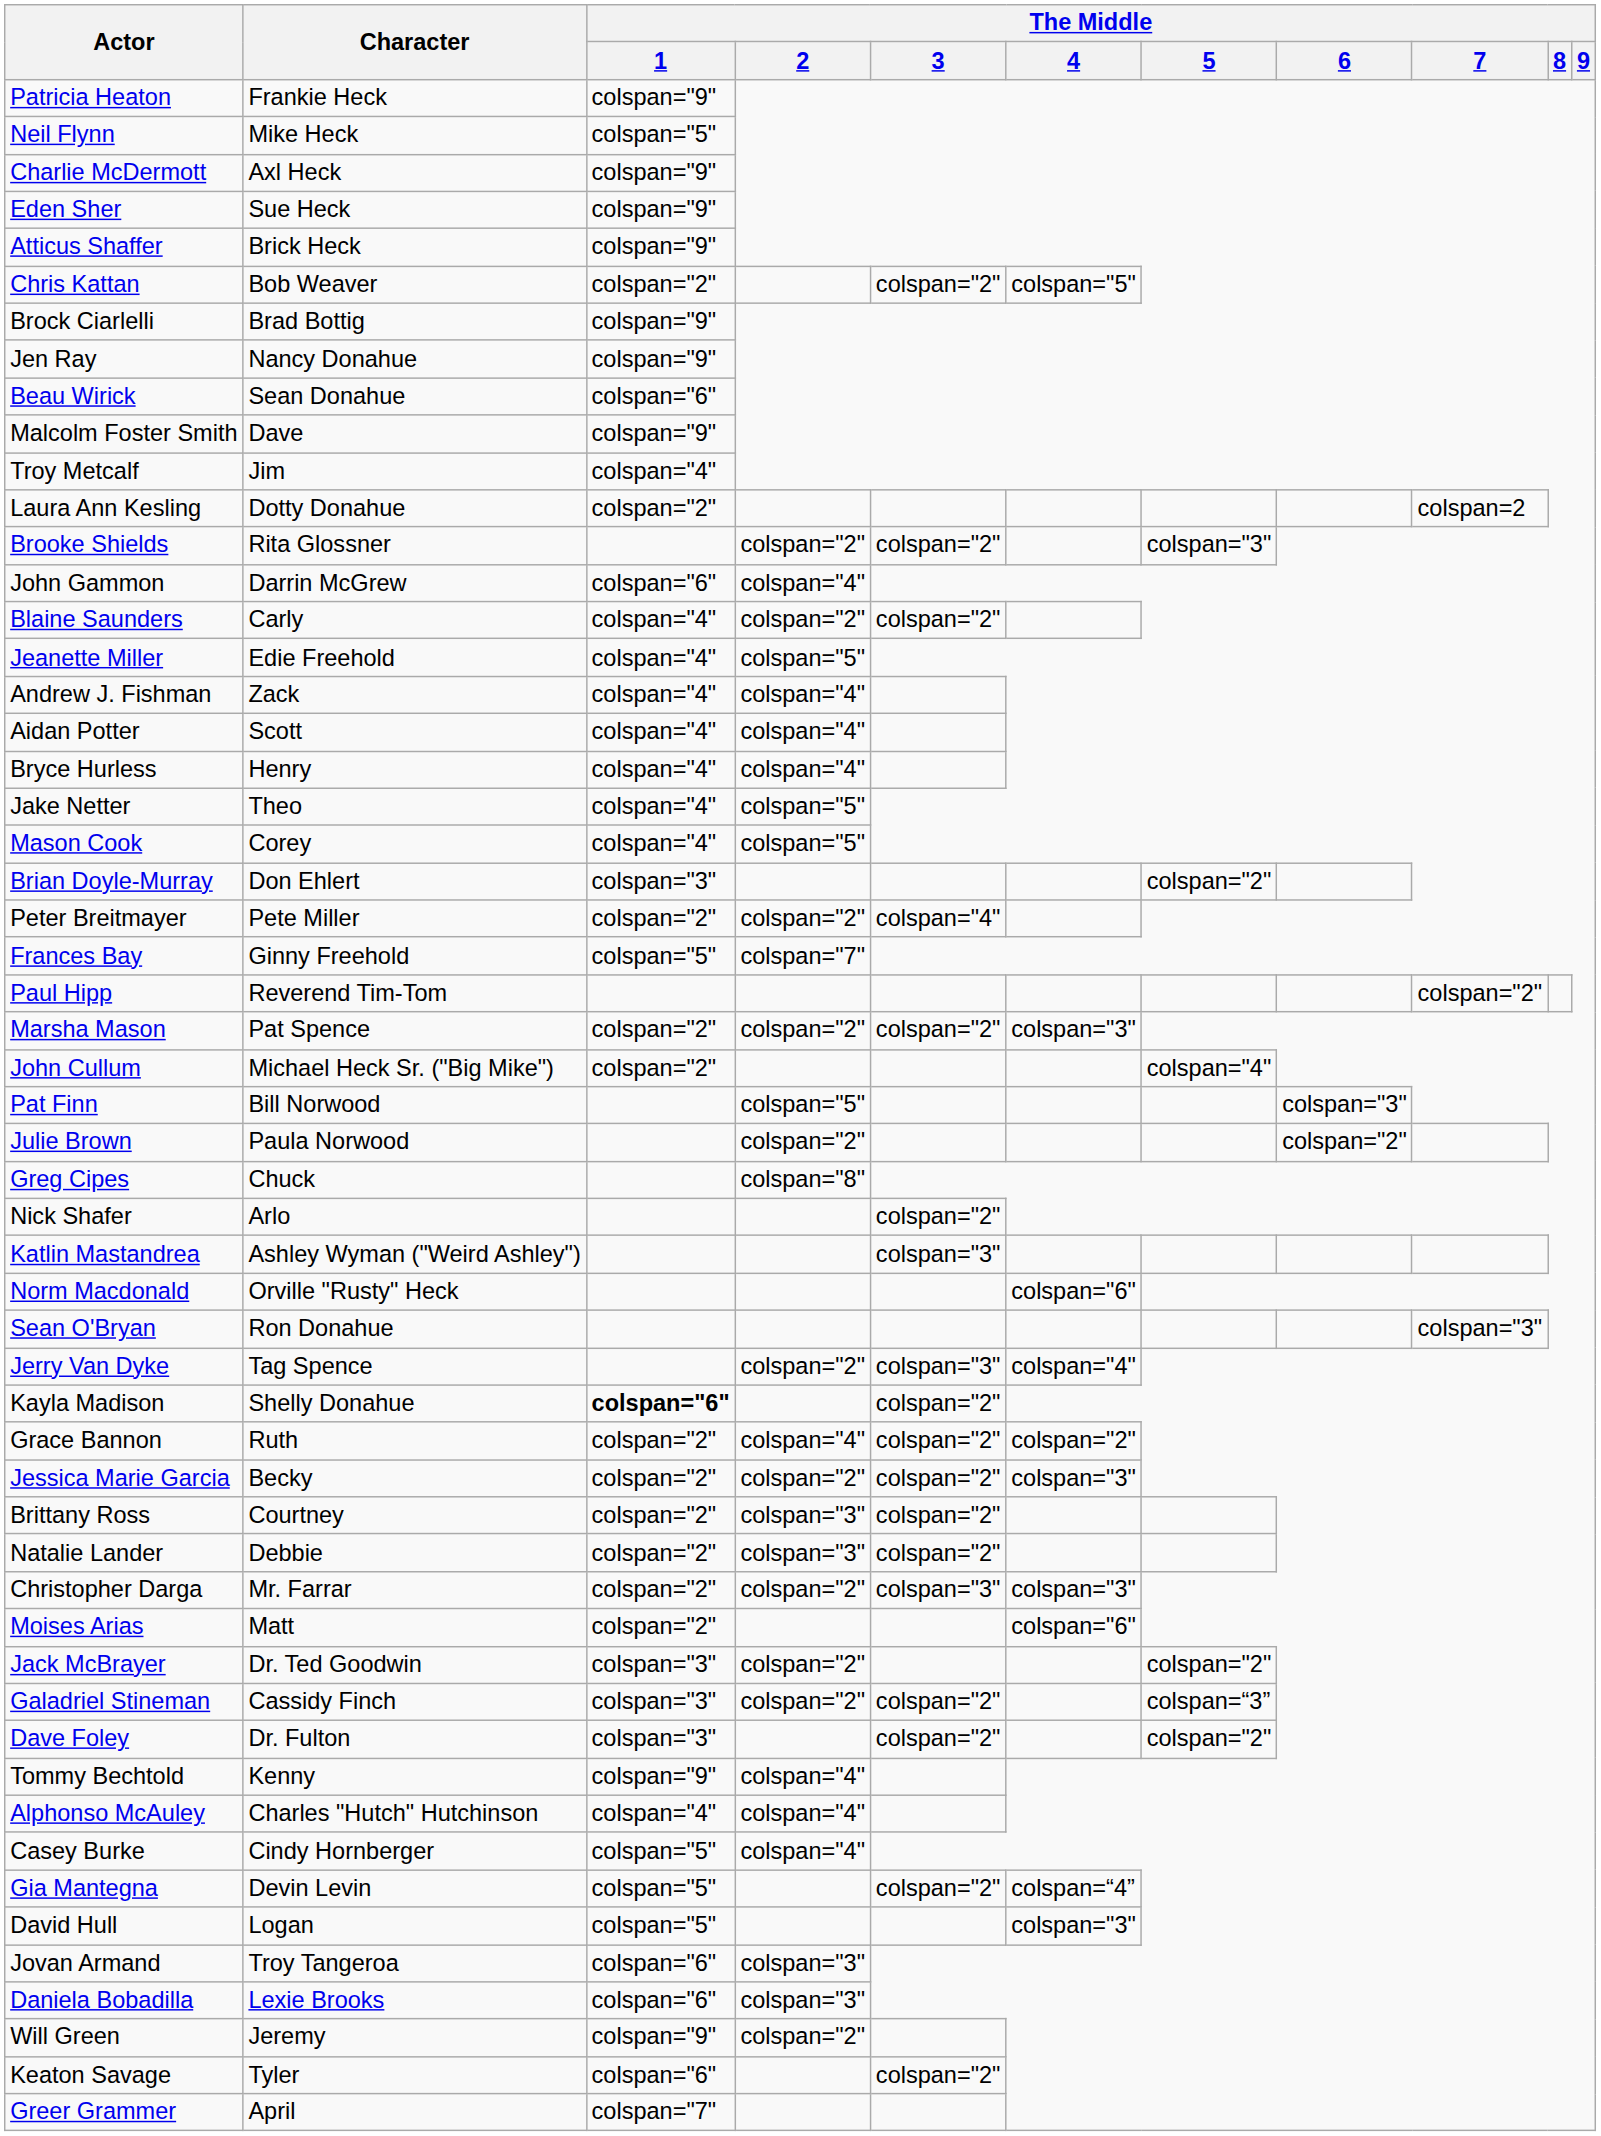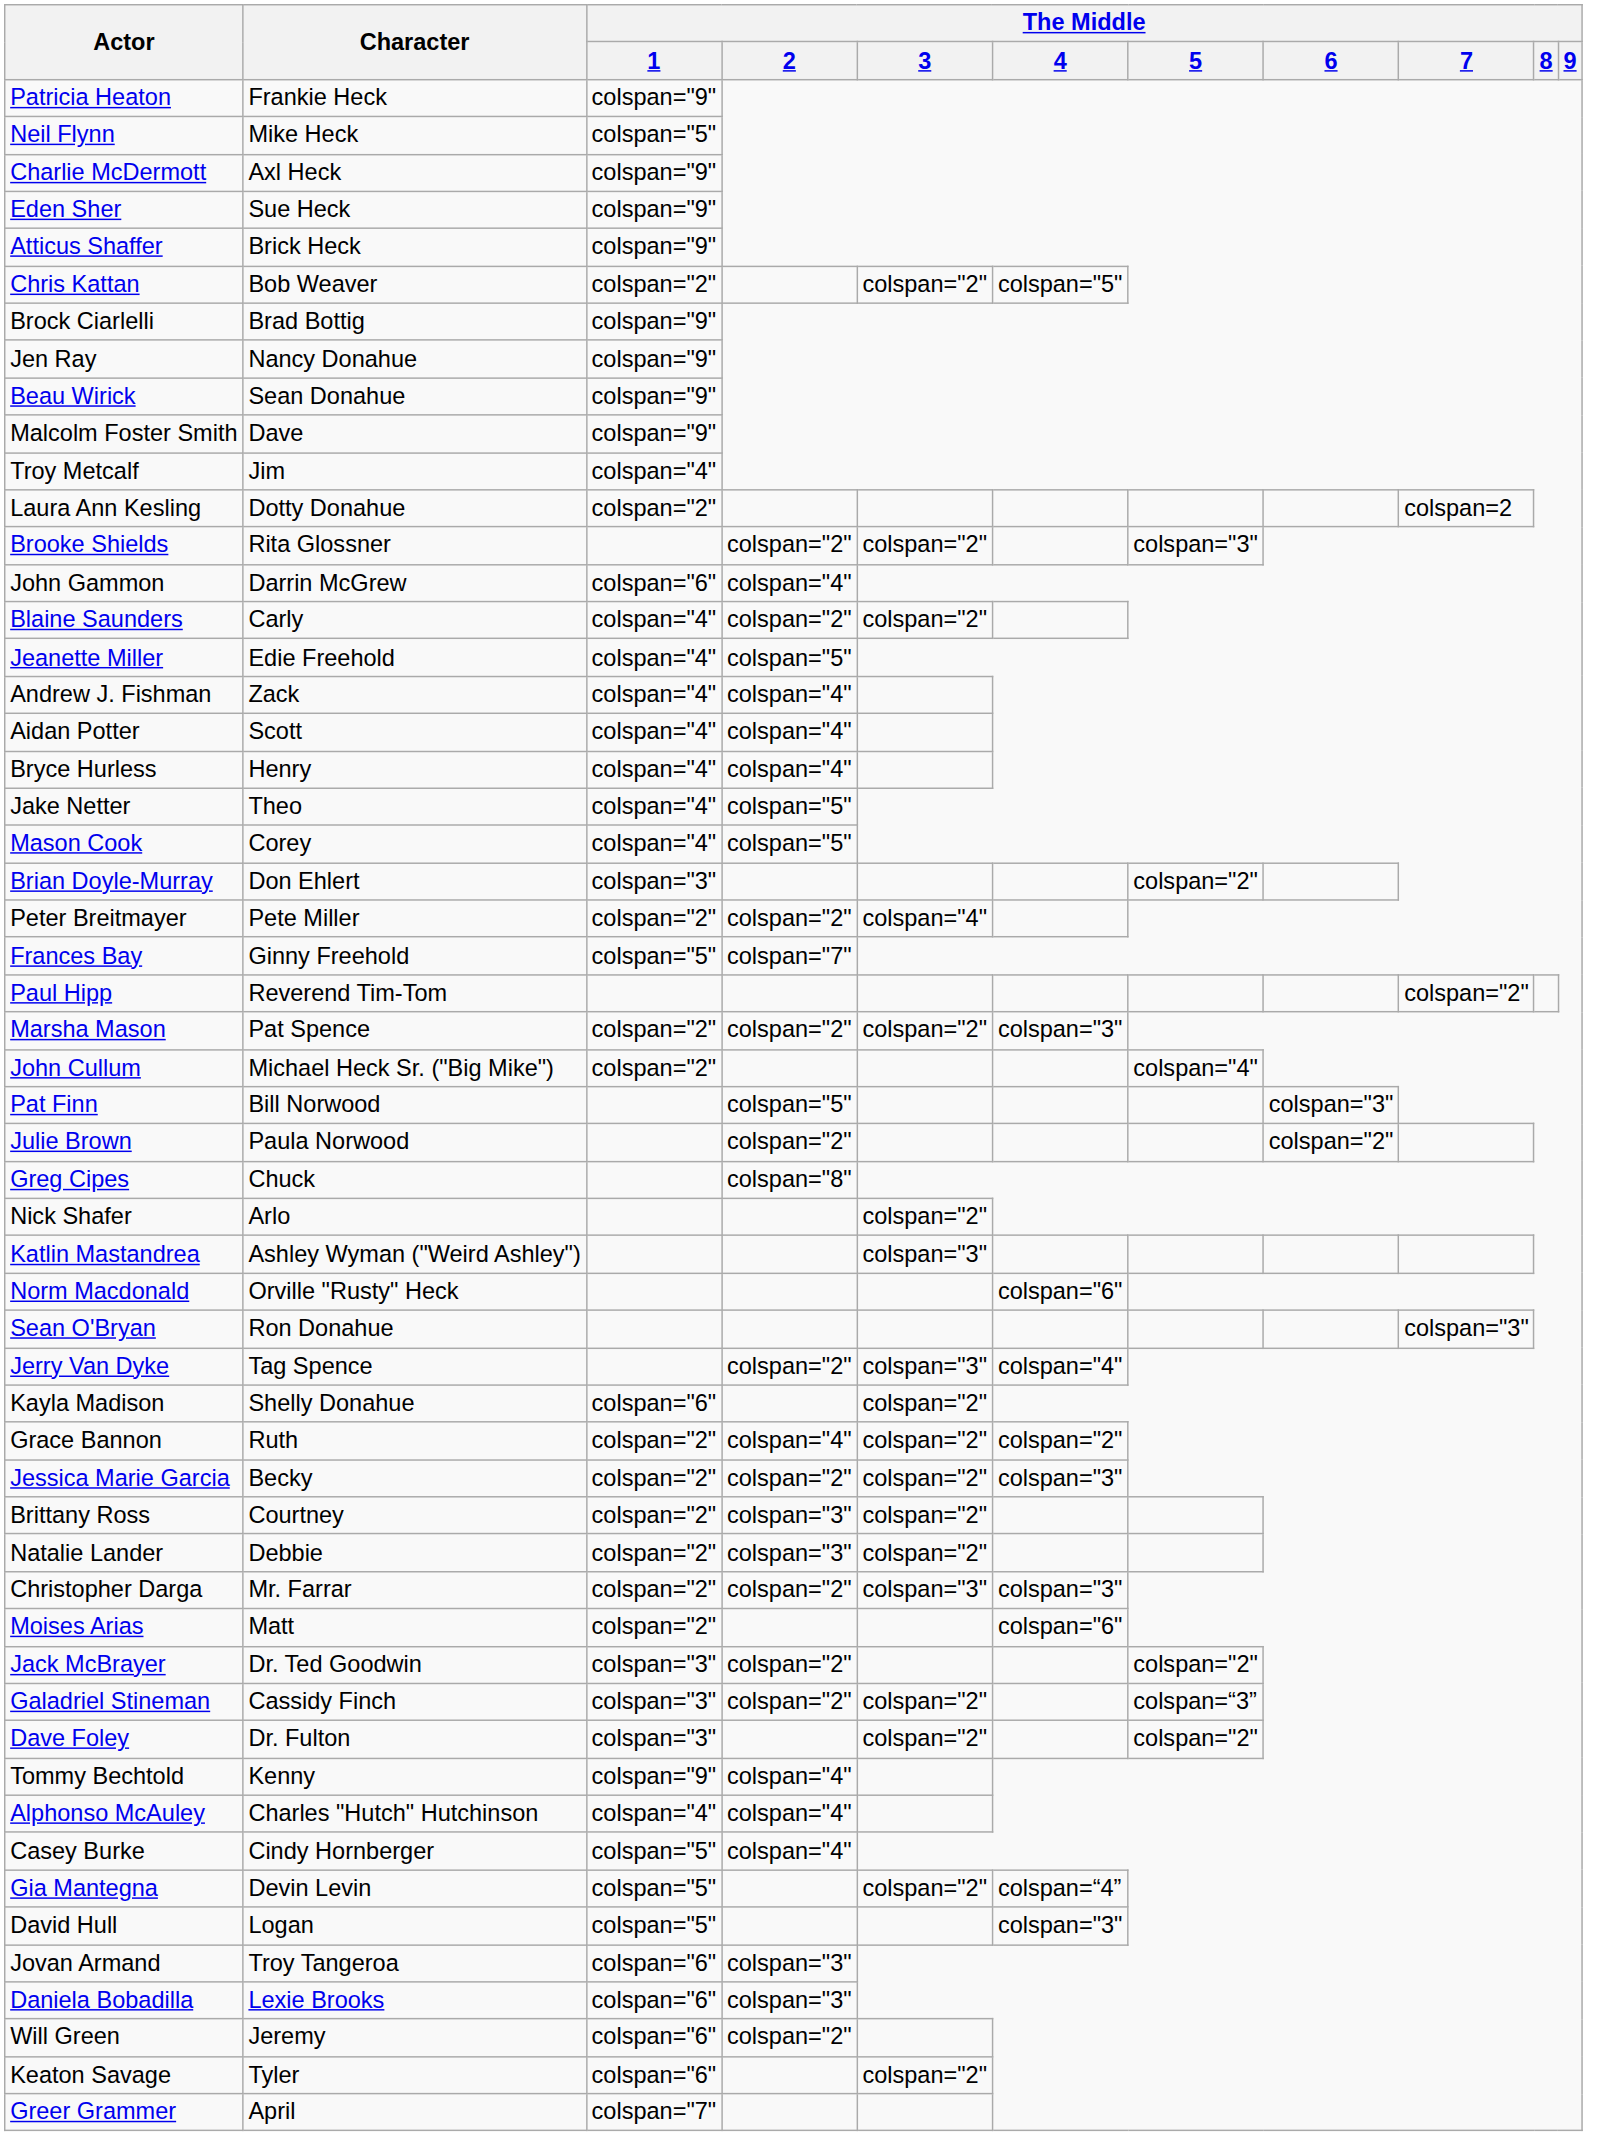 <table class="wikitable">
 <tr>
 <th rowspan="2">Actor</th>
 <th rowspan="2">Character</th>
 <th colspan="9"><a href='#'>The Middle</a></th>
 </tr>
 <tr>
 <th scope="col"><a href='#'>1</a></th>
 <th scope="col"><a href='#'>2</a></th>
 <th scope="col"><a href='#'>3</a></th>
 <th scope="col"><a href='#'>4</a></th>
 <th scope="col"><a href='#'>5</a></th>
 <th scope="col"><a href='#'>6</a></th>
 <th scope="col"><a href='#'>7</a></th>
 <th scope="col"><a href='#'>8</a></th>
 <th scope="col"><a href='#'>9</a></th>
 </tr>
 <tr>
 <td><a href='#'>Patricia Heaton</a></td>
 <td>Frankie Heck</td>
 <td>colspan="9" </td>
 </tr>
 <tr>
 <td><a href='#'>Neil Flynn</a></td>
 <td>Mike Heck</td>
 <td>colspan="5" </td>
 </tr>
 <tr>
 <td><a href='#'>Charlie McDermott</a></td>
 <td>Axl Heck</td>
 <td>colspan="9" </td>
 </tr>
 <tr>
 <td><a href='#'>Eden Sher</a></td>
 <td>Sue Heck</td>
 <td>colspan="9" </td>
 </tr>
 <tr>
 <td><a href='#'>Atticus Shaffer</a></td>
 <td>Brick Heck</td>
 <td>colspan="9" </td>
 </tr>
 <tr>
 <td><a href='#'>Chris Kattan</a></td>
 <td>Bob Weaver</td>
 <td>colspan="2" </td>
 <td></td>
 <td>colspan="2" </td>
 <td>colspan="5" </td>
 </tr>
 <tr>
 <td>Brock Ciarlelli</td>
 <td>Brad Bottig</td>
 <td>colspan="9" </td>
 </tr>
 <tr>
 <td>Jen Ray</td>
 <td>Nancy Donahue</td>
 <td>colspan="9" </td>
 </tr>
 <tr>
 <td><a href='#'>Beau Wirick</a></td>
 <td>Sean Donahue</td>
-<td>colspan="6" </td>
+<td>colspan="9" </td>
 </tr>
 <tr>
 <td>Malcolm Foster Smith</td>
 <td>Dave</td>
 <td>colspan="9" </td>
 </tr>
 <tr>
 <td>Troy Metcalf</td>
 <td>Jim</td>
 <td>colspan="4" </td>
 </tr>
 <tr>
 <td>Laura Ann Kesling</td>
 <td>Dotty Donahue</td>
 <td>colspan="2" </td>
 <td></td>
 <td></td>
 <td></td>
 <td></td>
 <td></td>
 <td>colspan=2 </td>
 </tr>
 <tr>
 <td><a href='#'>Brooke Shields</a></td>
 <td>Rita Glossner</td>
 <td></td>
 <td>colspan="2" </td>
 <td>colspan="2" </td>
 <td></td>
 <td>colspan="3" </td>
 </tr>
 <tr>
 <td>John Gammon</td>
 <td>Darrin McGrew</td>
 <td>colspan="6" </td>
 <td>colspan="4" </td>
 </tr>
 <tr>
 <td><a href='#'>Blaine Saunders</a></td>
 <td>Carly</td>
 <td>colspan="4" </td>
 <td>colspan="2" </td>
 <td>colspan="2" </td>
 <td></td>
 </tr>
 <tr>
 <td><a href='#'>Jeanette Miller</a></td>
 <td>Edie Freehold</td>
 <td>colspan="4" </td>
 <td>colspan="5" </td>
 </tr>
 <tr>
 <td>Andrew J. Fishman</td>
 <td>Zack</td>
 <td>colspan="4" </td>
 <td>colspan="4" </td>
 <td></td>
 </tr>
 <tr>
 <td>Aidan Potter</td>
 <td>Scott</td>
 <td>colspan="4" </td>
 <td>colspan="4" </td>
 <td></td>
 </tr>
 <tr>
 <td>Bryce Hurless</td>
 <td>Henry</td>
 <td>colspan="4" </td>
 <td>colspan="4" </td>
 <td></td>
 </tr>
 <tr>
 <td>Jake Netter</td>
 <td>Theo</td>
 <td>colspan="4" </td>
 <td>colspan="5" </td>
 </tr>
 <tr>
 <td><a href='#'>Mason Cook</a></td>
 <td>Corey</td>
 <td>colspan="4" </td>
 <td>colspan="5" </td>
 </tr>
 <tr>
 <td><a href='#'>Brian Doyle-Murray</a></td>
 <td>Don Ehlert</td>
 <td>colspan="3" </td>
 <td></td>
 <td></td>
 <td></td>
 <td>colspan="2" </td>
 <td></td>
 </tr>
 <tr>
 <td>Peter Breitmayer</td>
 <td>Pete Miller</td>
 <td>colspan="2" </td>
 <td>colspan="2" </td>
 <td>colspan="4" </td>
 <td></td>
 </tr>
 <tr>
 <td><a href='#'>Frances Bay</a></td>
 <td>Ginny Freehold</td>
 <td>colspan="5" </td>
 <td>colspan="7" </td>
 </tr>
 <tr>
 <td><a href='#'>Paul Hipp</a></td>
 <td>Reverend Tim-Tom</td>
 <td></td>
 <td></td>
 <td></td>
 <td></td>
 <td></td>
 <td></td>
 <td>colspan="2" </td>
 <td></td>
 </tr>
 <tr>
 <td><a href='#'>Marsha Mason</a></td>
 <td>Pat Spence</td>
 <td>colspan="2" </td>
 <td>colspan="2" </td>
 <td>colspan="2" </td>
 <td>colspan="3" </td>
 </tr>
 <tr>
 <td><a href='#'>John Cullum</a></td>
 <td>Michael Heck Sr. ("Big Mike")</td>
 <td>colspan="2" </td>
 <td></td>
 <td></td>
 <td></td>
 <td>colspan="4" </td>
 </tr>
 <tr>
 <td><a href='#'>Pat Finn</a></td>
 <td>Bill Norwood</td>
 <td></td>
 <td>colspan="5" </td>
 <td></td>
 <td></td>
 <td></td>
 <td>colspan="3" </td>
 </tr>
 <tr>
 <td><a href='#'>Julie Brown</a></td>
 <td>Paula Norwood</td>
 <td></td>
 <td>colspan="2" </td>
 <td></td>
 <td></td>
 <td></td>
 <td>colspan="2" </td>
 <td></td>
 </tr>
 <tr>
 <td><a href='#'>Greg Cipes</a></td>
 <td>Chuck</td>
 <td></td>
 <td>colspan="8" </td>
 </tr>
 <tr>
 <td>Nick Shafer</td>
 <td>Arlo</td>
 <td></td>
 <td></td>
 <td>colspan="2" </td>
 </tr>
 <tr>
 <td><a href='#'>Katlin Mastandrea</a></td>
 <td>Ashley Wyman ("Weird Ashley")</td>
 <td></td>
 <td></td>
 <td>colspan="3" </td>
 <td></td>
 <td></td>
 <td></td>
 <td></td>
 </tr>
 <tr>
 <td><a href='#'>Norm Macdonald</a></td>
 <td>Orville "Rusty" Heck</td>
 <td></td>
 <td></td>
 <td></td>
 <td>colspan="6" </td>
 </tr>
 <tr>
 <td><a href='#'>Sean O'Bryan</a></td>
 <td>Ron Donahue</td>
 <td></td>
 <td></td>
 <td></td>
 <td></td>
 <td></td>
 <td></td>
 <td>colspan="3" </td>
 </tr>
 <tr>
 <td><a href='#'>Jerry Van Dyke</a></td>
 <td>Tag Spence</td>
 <td></td>
 <td>colspan="2" </td>
 <td>colspan="3" </td>
 <td>colspan="4" </td>
 </tr>
 <tr>
 <td>Kayla Madison</td>
 <td>Shelly Donahue</td>
-<td><strong>colspan="6" </strong></td>
+<td>colspan="6" </td>
 <td></td>
 <td>colspan="2" </td>
 </tr>
 <tr>
 <td>Grace Bannon</td>
 <td>Ruth</td>
 <td>colspan="2" </td>
 <td>colspan="4" </td>
 <td>colspan="2" </td>
 <td>colspan="2" </td>
 </tr>
 <tr>
 <td><a href='#'>Jessica Marie Garcia</a></td>
 <td>Becky</td>
 <td>colspan="2" </td>
 <td>colspan="2" </td>
 <td>colspan="2" </td>
 <td>colspan="3" </td>
 </tr>
 <tr>
 <td>Brittany Ross</td>
 <td>Courtney</td>
 <td>colspan="2" </td>
 <td>colspan="3" </td>
 <td>colspan="2" </td>
 <td></td>
 <td></td>
 </tr>
 <tr>
 <td>Natalie Lander</td>
 <td>Debbie</td>
 <td>colspan="2" </td>
 <td>colspan="3" </td>
 <td>colspan="2" </td>
 <td></td>
 <td></td>
 </tr>
 <tr>
 <td>Christopher Darga</td>
 <td>Mr. Farrar</td>
 <td>colspan="2" </td>
 <td>colspan="2" </td>
 <td>colspan="3" </td>
 <td>colspan="3" </td>
 </tr>
 <tr>
 <td><a href='#'>Moises Arias</a></td>
 <td>Matt</td>
 <td>colspan="2" </td>
 <td></td>
 <td></td>
 <td>colspan="6" </td>
 </tr>
 <tr>
 <td><a href='#'>Jack McBrayer</a></td>
 <td>Dr. Ted Goodwin</td>
 <td>colspan="3" </td>
 <td>colspan="2" </td>
 <td></td>
 <td></td>
 <td>colspan="2" </td>
 </tr>
 <tr>
 <td><a href='#'>Galadriel Stineman</a></td>
 <td>Cassidy Finch</td>
 <td>colspan="3" </td>
 <td>colspan="2" </td>
 <td>colspan="2" </td>
 <td></td>
 <td>colspan=“3” </td>
 </tr>
 <tr>
 <td><a href='#'>Dave Foley</a></td>
 <td>Dr. Fulton</td>
 <td>colspan="3" </td>
 <td></td>
 <td>colspan="2" </td>
 <td></td>
 <td>colspan="2" </td>
 </tr>
 <tr>
 <td>Tommy Bechtold</td>
 <td>Kenny</td>
 <td>colspan="9" </td>
 <td>colspan="4" </td>
 <td></td>
 </tr>
 <tr>
 <td><a href='#'>Alphonso McAuley</a></td>
 <td>Charles "Hutch" Hutchinson</td>
 <td>colspan="4" </td>
 <td>colspan="4" </td>
 <td></td>
 </tr>
 <tr>
 <td>Casey Burke</td>
 <td>Cindy Hornberger</td>
 <td>colspan="5" </td>
 <td>colspan="4" </td>
 </tr>
 <tr>
 <td><a href='#'>Gia Mantegna</a></td>
 <td>Devin Levin</td>
 <td>colspan="5" </td>
 <td></td>
 <td>colspan="2" </td>
 <td>colspan=“4” </td>
 </tr>
 <tr>
 <td>David Hull</td>
 <td>Logan</td>
 <td>colspan="5" </td>
 <td></td>
 <td></td>
 <td>colspan="3" </td>
 </tr>
 <tr>
 <td>Jovan Armand</td>
 <td>Troy Tangeroa</td>
 <td>colspan="6" </td>
 <td>colspan="3" </td>
 </tr>
 <tr>
 <td><a href='#'>Daniela Bobadilla</a></td>
 <td><a href='#'>Lexie Brooks</a></td>
 <td>colspan="6" </td>
 <td>colspan="3" </td>
 </tr>
 <tr>
 <td>Will Green</td>
 <td>Jeremy</td>
-<td>colspan="9" </td>
+<td>colspan="6" </td>
 <td>colspan="2" </td>
 <td></td>
 </tr>
 <tr>
 <td>Keaton Savage</td>
 <td>Tyler</td>
 <td>colspan="6" </td>
 <td></td>
 <td>colspan="2" </td>
 </tr>
 <tr>
 <td><a href='#'>Greer Grammer</a></td>
 <td>April</td>
 <td>colspan="7" </td>
 <td></td>
 <td></td>
 </tr>
 </table>
